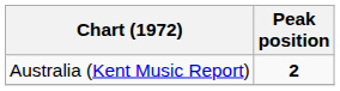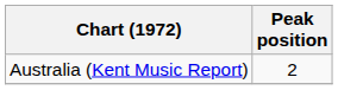 <table class="wikitable">
 <tr>
 <th>Chart (1972)</th>
 <th>Peak<br>position</th>
 </tr>
 <tr>
 <td>Australia (<a href='#'>Kent Music Report</a>)</td>
-<td style="text-align:center;"><strong>2</strong></td>
+<td style="text-align:center;">2</td>
 </tr>
 <tr>
 </tr>
 </table>
